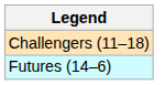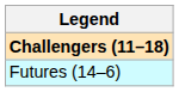 <table class=wikitable style=font-size:90%>
 <tr>
 <th>Legend</th>
 </tr>
 <tr bgcolor=moccasin>
-<td>Challengers (11–18)</td>
+<td><strong>Challengers (11–18)</strong></td>
 </tr>
 <tr bgcolor=cffcff>
 <td>Futures (14–6)</td>
 </tr>
 </table>
